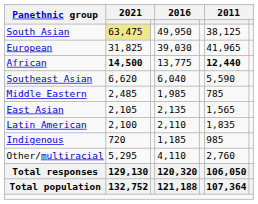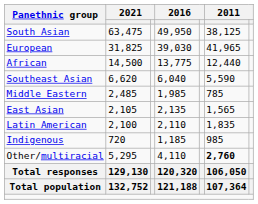 <table class="wikitable collapsible sortable">
 <tr>
 <th rowspan="2"><a href='#'>Panethnic</a> group</th>
 <th colspan="2">2021</th>
 <th colspan="2">2016</th>
 <th colspan="2">2011</th>
 </tr>
 <tr>
 <th><a href='#'></a></th>
 <th></th>
 <th></th>
 <th></th>
 <th></th>
 <th></th>
 </tr>
 <tr>
 <td><a href='#'>South Asian</a></td>
-<td style="background: khaki;">63,475</td>
+<td>63,475</td>
 <td></td>
 <td>49,950</td>
 <td></td>
 <td>38,125</td>
 <td></td>
 </tr>
 <tr>
 <td><a href='#'>European</a></td>
 <td>31,825</td>
 <td></td>
 <td>39,030</td>
 <td></td>
 <td>41,965</td>
 <td></td>
 </tr>
 <tr>
 <td><a href='#'>African</a></td>
-<td><strong>14,500</strong></td>
+<td>14,500</td>
 <td></td>
 <td>13,775</td>
 <td></td>
-<td><strong>12,440</strong></td>
+<td>12,440</td>
 <td></td>
 </tr>
 <tr>
 <td><a href='#'>Southeast Asian</a></td>
 <td>6,620</td>
 <td></td>
 <td>6,040</td>
 <td></td>
 <td>5,590</td>
 <td></td>
 </tr>
 <tr>
 <td><a href='#'>Middle Eastern</a></td>
 <td>2,485</td>
 <td></td>
 <td>1,985</td>
 <td></td>
 <td>785</td>
 <td></td>
 </tr>
 <tr>
 <td><a href='#'>East Asian</a></td>
 <td>2,105</td>
 <td></td>
 <td>2,135</td>
 <td></td>
 <td>1,565</td>
 <td></td>
 </tr>
 <tr>
 <td><a href='#'>Latin American</a></td>
 <td>2,100</td>
 <td></td>
 <td>2,110</td>
 <td></td>
 <td>1,835</td>
 <td></td>
 </tr>
 <tr>
 <td><a href='#'>Indigenous</a></td>
 <td>720</td>
 <td></td>
 <td>1,185</td>
 <td></td>
 <td>985</td>
 <td></td>
 </tr>
 <tr>
 <td>Other/<a href='#'>multiracial</a></td>
 <td>5,295</td>
 <td></td>
 <td>4,110</td>
 <td></td>
-<td>2,760</td>
+<td><strong>2,760</strong></td>
 <td></td>
 </tr>
 <tr>
 <th>Total responses</th>
 <th>129,130</th>
 <th></th>
 <th>120,320</th>
 <th></th>
 <th>106,050</th>
 <th></th>
 </tr>
 <tr class="sortbottom">
 <th>Total population</th>
 <th>132,752</th>
 <th></th>
 <th>121,188</th>
 <th></th>
 <th>107,364</th>
 <th></th>
 </tr>
 <tr class="sortbottom">
 <td colspan="15"></td>
 </tr>
 </table>
